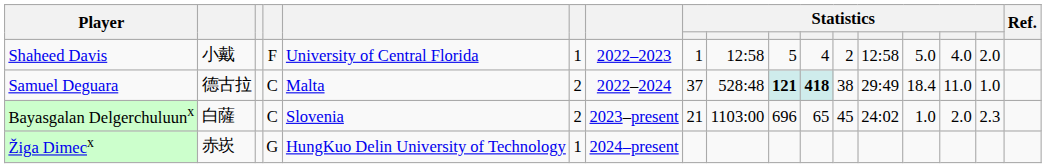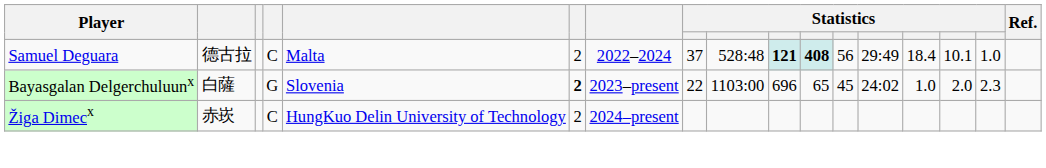 <table class="wikitable sortable" style="font-size:95%; text-align:right;">
 <tr>
 <th rowspan="2">Player</th>
 <th rowspan="2"></th>
 <th rowspan="2"></th>
 <th rowspan="2"></th>
 <th rowspan="2"></th>
 <th rowspan="2"></th>
 <th rowspan="2"></th>
 <th colspan="9">Statistics</th>
 <th rowspan="2">Ref.</th>
 </tr>
 <tr>
 <th></th>
 <th></th>
 <th></th>
 <th></th>
 <th></th>
 <th></th>
 <th></th>
 <th></th>
 <th></th>
 </tr>
 <tr>
-<td align="left"><a href='#'>Shaheed Davis</a></td>
-<td align="left">小戴</td>
-<td align="center"></td>
-<td align="center">F</td>
-<td align="left"><a href='#'>University of Central Florida</a></td>
-<td align="center">1</td>
-<td align="center"><a href='#'>2022–2023</a></td>
-<td>1</td>
-<td>12:58</td>
-<td>5</td>
-<td>4</td>
-<td>2</td>
-<td>12:58</td>
-<td>5.0</td>
-<td>4.0</td>
-<td>2.0</td>
-<td align="center"></td>
-</tr>
-<tr>
 <td align="left"><a href='#'>Samuel Deguara</a></td>
 <td align="left">德古拉</td>
 <td align="center"></td>
 <td align="center">C</td>
 <td align="left"><a href='#'>Malta</a></td>
 <td align="center">2</td>
 <td align="center"><a href='#'>2022</a>–<a href='#'>2024</a></td>
 <td>37</td>
 <td>528:48</td>
 <td bgcolor="#CFECEC"><strong>121</strong></td>
-<td bgcolor="#CFECEC"><strong>418</strong></td>
-<td>38</td>
+<td bgcolor="#CFECEC"><strong>408</strong></td>
+<td>56</td>
 <td>29:49</td>
 <td>18.4</td>
-<td>11.0</td>
+<td>10.1</td>
 <td>1.0</td>
 <td align="center"></td>
 </tr>
 <tr>
 <td align="left" bgcolor="#CCFFCC">Bayasgalan Delgerchuluun<sup>x</sup></td>
 <td align="left">白薩</td>
 <td align="center"></td>
-<td align="center">C</td>
+<td align="center">G</td>
 <td align="left"><a href='#'>Slovenia</a></td>
-<td align="center">2</td>
+<td align="center"><strong>2</strong></td>
 <td align="center"><a href='#'>2023</a>–<a href='#'>present</a></td>
-<td>21</td>
+<td>22</td>
 <td>1103:00</td>
 <td>696</td>
 <td>65</td>
 <td>45</td>
 <td>24:02</td>
 <td>1.0</td>
 <td>2.0</td>
 <td>2.3</td>
 <td align="center"></td>
 </tr>
 <tr>
 <td align="left" bgcolor="#CCFFCC"><a href='#'>Žiga Dimec</a><sup>x</sup></td>
 <td align="left">赤崁</td>
 <td align="center"></td>
-<td align="center">G</td>
+<td align="center">C</td>
 <td align="left"><a href='#'>HungKuo Delin University of Technology</a></td>
-<td align="center">1</td>
+<td align="center">2</td>
 <td align="center"><a href='#'>2024–present</a></td>
 <td></td>
 <td></td>
 <td></td>
 <td></td>
 <td></td>
 <td></td>
 <td></td>
 <td></td>
 <td></td>
 <td align="center"></td>
 </tr>
 </table>
